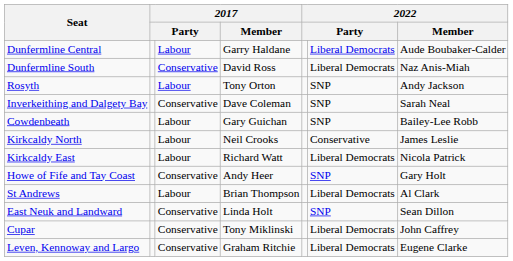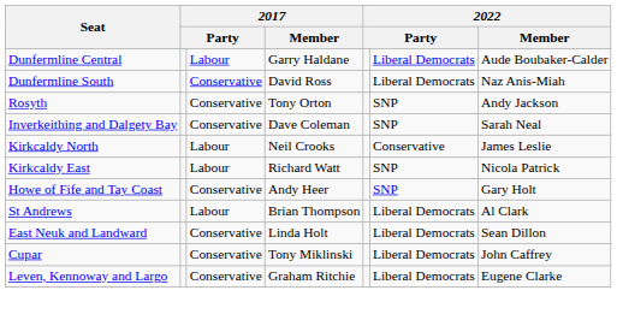 <table class="wikitable">
 <tr>
 <th scope="col" rowspan="2" style="text-align:center">Seat</th>
 <th scope="col" colspan="3" style="text-align:center"><em>2017</em></th>
 <th scope="col" colspan="3" style="text-align:center"><em>2022</em></th>
 </tr>
 <tr>
 <th colspan="2" style="text-align:center">Party</th>
 <th style="text-align:center">Member</th>
 <th colspan="2" style="text-align:center">Party</th>
 <th style="text-align:center">Member</th>
 </tr>
 <tr>
 <td scope="row"><a href='#'>Dunfermline Central</a></td>
 <td></td>
 <td><a href='#'>Labour</a></td>
 <td>Garry Haldane</td>
 <td></td>
 <td><a href='#'>Liberal Democrats</a></td>
 <td>Aude Boubaker-Calder</td>
 </tr>
 <tr>
 <td scope="row"><a href='#'>Dunfermline South</a></td>
 <td></td>
 <td><a href='#'>Conservative</a></td>
 <td>David Ross</td>
 <td></td>
 <td>Liberal Democrats</td>
 <td>Naz Anis-Miah</td>
 </tr>
 <tr>
 <td scope="row"><a href='#'>Rosyth</a></td>
 <td></td>
-<td><a href='#'>Labour</a></td>
+<td>Conservative</td>
 <td>Tony Orton</td>
 <td></td>
 <td>SNP</td>
 <td>Andy Jackson</td>
 </tr>
 <tr>
 <td scope="row"><a href='#'>Inverkeithing and Dalgety Bay</a></td>
 <td></td>
 <td>Conservative</td>
 <td>Dave Coleman</td>
 <td></td>
 <td>SNP</td>
 <td>Sarah Neal</td>
-</tr>
-<tr>
-<td scope="row"><a href='#'>Cowdenbeath</a></td>
-<td></td>
-<td>Labour</td>
-<td>Gary Guichan</td>
-<td></td>
-<td>SNP</td>
-<td>Bailey-Lee Robb</td>
 </tr>
 <tr>
 <td scope="row"><a href='#'>Kirkcaldy North</a></td>
 <td></td>
 <td>Labour</td>
 <td>Neil Crooks</td>
 <td></td>
 <td>Conservative</td>
 <td>James Leslie</td>
 </tr>
 <tr>
 <td scope="row"><a href='#'>Kirkcaldy East</a></td>
 <td></td>
 <td>Labour</td>
 <td>Richard Watt</td>
 <td></td>
-<td>Liberal Democrats</td>
+<td>SNP</td>
 <td>Nicola Patrick</td>
 </tr>
 <tr>
 <td scope="row"><a href='#'>Howe of Fife and Tay Coast</a></td>
 <td></td>
 <td>Conservative</td>
 <td>Andy Heer</td>
 <td></td>
 <td><a href='#'>SNP</a></td>
 <td>Gary Holt</td>
 </tr>
 <tr>
 <td scope="row"><a href='#'>St Andrews</a></td>
 <td></td>
 <td>Labour</td>
 <td>Brian Thompson</td>
 <td></td>
 <td>Liberal Democrats</td>
 <td>Al Clark</td>
 </tr>
 <tr>
 <td scope="row"><a href='#'>East Neuk and Landward</a></td>
 <td></td>
 <td>Conservative</td>
 <td>Linda Holt</td>
 <td></td>
-<td><a href='#'>SNP</a></td>
+<td>Liberal Democrats</td>
 <td>Sean Dillon</td>
 </tr>
 <tr>
 <td scope="row"><a href='#'>Cupar</a></td>
 <td></td>
 <td>Conservative</td>
 <td>Tony Miklinski</td>
 <td></td>
 <td>Liberal Democrats</td>
 <td>John Caffrey</td>
 </tr>
 <tr>
 <td scope="row"><a href='#'>Leven, Kennoway and Largo</a></td>
 <td></td>
 <td>Conservative</td>
 <td>Graham Ritchie</td>
 <td></td>
 <td>Liberal Democrats</td>
 <td>Eugene Clarke</td>
 </tr>
 </table>
